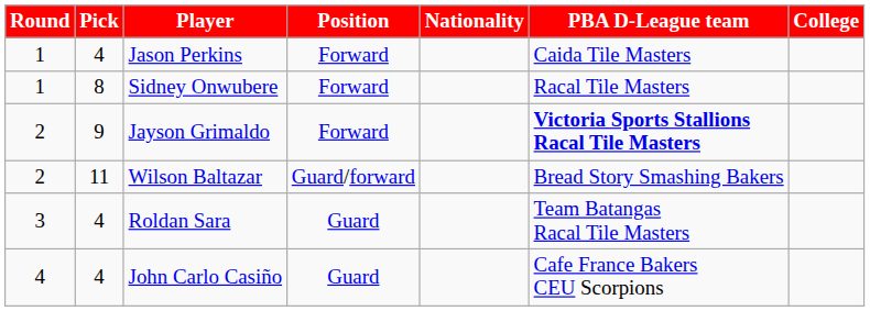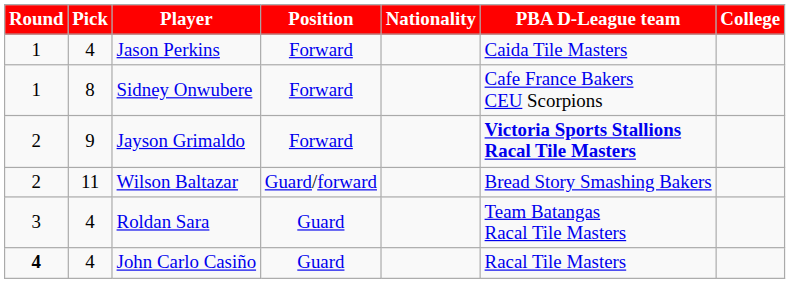 <table class="wikitable sortable sortable">
 <tr>
 <th style="background:#FF0000; color:#FFFFFF; ">Round</th>
 <th style="background:#FF0000; color:#FFFFFF; ">Pick</th>
 <th style="background:#FF0000; color:#FFFFFF; ">Player</th>
 <th style="background:#FF0000; color:#FFFFFF; ">Position</th>
 <th style="background:#FF0000; color:#FFFFFF; ">Nationality</th>
 <th style="background:#FF0000; color:#FFFFFF; ">PBA D-League team</th>
 <th style="background:#FF0000; color:#FFFFFF; ">College</th>
 </tr>
 <tr>
 <td align=center>1</td>
 <td align=center>4</td>
 <td><a href='#'>Jason Perkins</a></td>
 <td align=center><a href='#'>Forward</a></td>
 <td align=center></td>
 <td><a href='#'>Caida Tile Masters</a></td>
 <td></td>
 </tr>
 <tr>
 <td align=center>1</td>
 <td align=center>8</td>
 <td><a href='#'>Sidney Onwubere</a></td>
 <td align=center><a href='#'>Forward</a></td>
 <td align=center></td>
-<td><a href='#'>Racal Tile Masters</a></td>
+<td><a href='#'>Cafe France Bakers</a><br><a href='#'>CEU</a> Scorpions</td>
 <td></td>
 </tr>
 <tr>
 <td align=center>2</td>
 <td align=center>9</td>
 <td><a href='#'>Jayson Grimaldo</a></td>
 <td align=center><a href='#'>Forward</a></td>
 <td align=center></td>
 <td><strong><a href='#'>Victoria Sports Stallions</a><br><a href='#'>Racal Tile Masters</a></strong></td>
 <td></td>
 </tr>
 <tr>
 <td align=center>2</td>
 <td align=center>11</td>
 <td><a href='#'>Wilson Baltazar</a></td>
 <td align=center><a href='#'>Guard</a>/<a href='#'>forward</a></td>
 <td align=center></td>
 <td><a href='#'>Bread Story Smashing Bakers</a></td>
 <td></td>
 </tr>
 <tr>
 <td align=center>3</td>
 <td align=center>4</td>
 <td><a href='#'>Roldan Sara</a></td>
 <td align=center><a href='#'>Guard</a></td>
 <td align=center></td>
 <td><a href='#'>Team Batangas</a><br><a href='#'>Racal Tile Masters</a></td>
 <td></td>
 </tr>
 <tr>
-<td align=center>4</td>
+<td align=center><strong>4</strong></td>
 <td align=center>4</td>
 <td><a href='#'>John Carlo Casiño</a></td>
 <td align=center><a href='#'>Guard</a></td>
 <td align=center></td>
-<td><a href='#'>Cafe France Bakers</a><br><a href='#'>CEU</a> Scorpions</td>
+<td><a href='#'>Racal Tile Masters</a></td>
 <td></td>
 </tr>
 </table>
